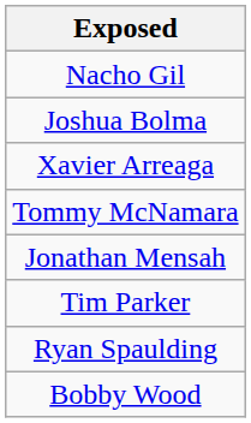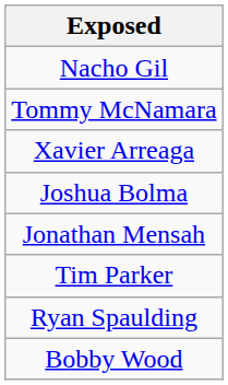 <table class="wikitable" style="text-align:center">
 <tr>
 <th>Exposed</th>
 </tr>
 <tr>
 <td><a href='#'>Nacho Gil</a></td>
 </tr>
 <tr>
-<td><a href='#'>Joshua Bolma</a></td>
+<td><a href='#'>Tommy McNamara</a></td>
 </tr>
 <tr>
 <td><a href='#'>Xavier Arreaga</a></td>
 </tr>
 <tr>
-<td><a href='#'>Tommy McNamara</a></td>
+<td><a href='#'>Joshua Bolma</a></td>
 </tr>
 <tr>
 <td><a href='#'>Jonathan Mensah</a></td>
 </tr>
 <tr>
 <td><a href='#'>Tim Parker</a></td>
 </tr>
 <tr>
 <td><a href='#'>Ryan Spaulding</a></td>
 </tr>
 <tr>
 <td><a href='#'>Bobby Wood</a></td>
 </tr>
 </table>
